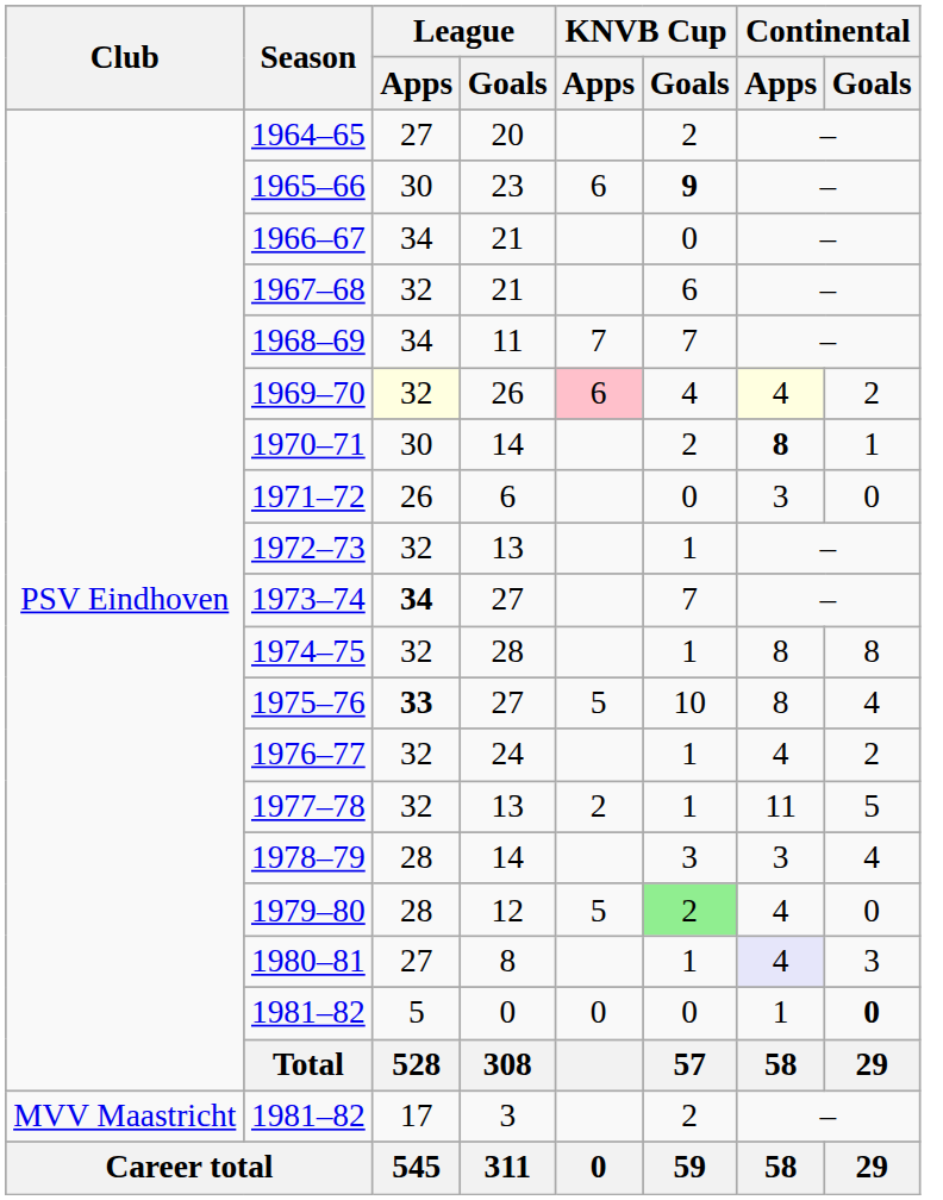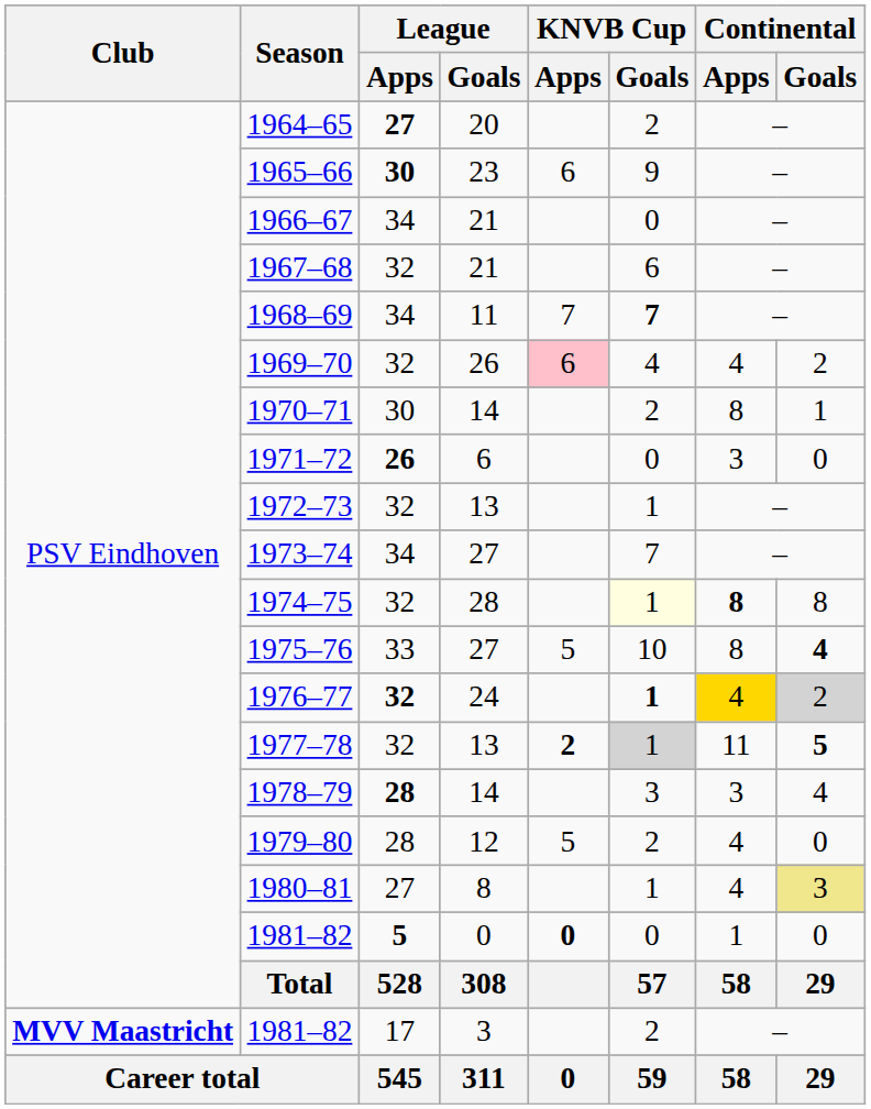 <table class="wikitable" style="text-align:center">
 <tr>
 <th rowspan=2>Club</th>
 <th rowspan=2>Season</th>
 <th colspan=2>League</th>
 <th colspan=2>KNVB Cup</th>
 <th colspan=2>Continental</th>
 </tr>
 <tr>
 <th>Apps</th>
 <th>Goals</th>
 <th>Apps</th>
 <th>Goals</th>
 <th>Apps</th>
 <th>Goals</th>
 </tr>
 <tr>
 <td rowspan="19"><a href='#'>PSV Eindhoven</a></td>
 <td><a href='#'>1964–65</a></td>
-<td>27</td>
+<td><strong>27</strong></td>
 <td>20</td>
 <td></td>
 <td>2</td>
 <td colspan=2>–</td>
 </tr>
 <tr>
 <td><a href='#'>1965–66</a></td>
-<td>30</td>
+<td><strong>30</strong></td>
 <td>23</td>
 <td>6</td>
-<td><strong>9</strong></td>
+<td>9</td>
 <td colspan=2>–</td>
 </tr>
 <tr>
 <td><a href='#'>1966–67</a></td>
 <td>34</td>
 <td>21</td>
 <td></td>
 <td>0</td>
 <td colspan=2>–</td>
 </tr>
 <tr>
 <td><a href='#'>1967–68</a></td>
 <td>32</td>
 <td>21</td>
 <td></td>
 <td>6</td>
 <td colspan=2>–</td>
 </tr>
 <tr>
 <td><a href='#'>1968–69</a></td>
 <td>34</td>
 <td>11</td>
 <td>7</td>
-<td>7</td>
+<td><strong>7</strong></td>
 <td colspan=2>–</td>
 </tr>
 <tr>
 <td><a href='#'>1969–70</a></td>
-<td style="background: lightyellow;">32</td>
+<td>32</td>
 <td>26</td>
 <td style="background: pink;">6</td>
 <td>4</td>
-<td style="background: lightyellow;">4</td>
+<td>4</td>
 <td>2</td>
 </tr>
 <tr>
 <td><a href='#'>1970–71</a></td>
 <td>30</td>
 <td>14</td>
 <td></td>
 <td>2</td>
-<td><strong>8</strong></td>
+<td>8</td>
 <td>1</td>
 </tr>
 <tr>
 <td><a href='#'>1971–72</a></td>
-<td>26</td>
+<td><strong>26</strong></td>
 <td>6</td>
 <td></td>
 <td>0</td>
 <td>3</td>
 <td>0</td>
 </tr>
 <tr>
 <td><a href='#'>1972–73</a></td>
 <td>32</td>
 <td>13</td>
 <td></td>
 <td>1</td>
 <td colspan=2>–</td>
 </tr>
 <tr>
 <td><a href='#'>1973–74</a></td>
-<td><strong>34</strong></td>
+<td>34</td>
 <td>27</td>
 <td></td>
 <td>7</td>
 <td colspan=2>–</td>
 </tr>
 <tr>
 <td><a href='#'>1974–75</a></td>
 <td>32</td>
 <td>28</td>
 <td></td>
-<td>1</td>
-<td>8</td>
+<td style="background: lightyellow;">1</td>
+<td><strong>8</strong></td>
 <td>8</td>
 </tr>
 <tr>
 <td><a href='#'>1975–76</a></td>
-<td><strong>33</strong></td>
+<td>33</td>
 <td>27</td>
 <td>5</td>
 <td>10</td>
 <td>8</td>
-<td>4</td>
+<td><strong>4</strong></td>
 </tr>
 <tr>
 <td><a href='#'>1976–77</a></td>
-<td>32</td>
+<td><strong>32</strong></td>
 <td>24</td>
 <td></td>
-<td>1</td>
-<td>4</td>
-<td>2</td>
+<td><strong>1</strong></td>
+<td style="background: gold;">4</td>
+<td style="background: lightgrey;">2</td>
 </tr>
 <tr>
 <td><a href='#'>1977–78</a></td>
 <td>32</td>
 <td>13</td>
-<td>2</td>
-<td>1</td>
+<td><strong>2</strong></td>
+<td style="background: lightgrey;">1</td>
 <td>11</td>
-<td>5</td>
+<td><strong>5</strong></td>
 </tr>
 <tr>
 <td><a href='#'>1978–79</a></td>
-<td>28</td>
+<td><strong>28</strong></td>
 <td>14</td>
 <td></td>
 <td>3</td>
 <td>3</td>
 <td>4</td>
 </tr>
 <tr>
 <td><a href='#'>1979–80</a></td>
 <td>28</td>
 <td>12</td>
 <td>5</td>
-<td style="background: lightgreen;">2</td>
+<td>2</td>
 <td>4</td>
 <td>0</td>
 </tr>
 <tr>
 <td><a href='#'>1980–81</a></td>
 <td>27</td>
 <td>8</td>
 <td></td>
 <td>1</td>
-<td style="background: lavender;">4</td>
-<td>3</td>
+<td>4</td>
+<td style="background: khaki;">3</td>
 </tr>
 <tr>
 <td><a href='#'>1981–82</a></td>
-<td>5</td>
+<td><strong>5</strong></td>
 <td>0</td>
-<td>0</td>
+<td><strong>0</strong></td>
 <td>0</td>
 <td>1</td>
-<td><strong>0</strong></td>
+<td>0</td>
 </tr>
 <tr>
 <th>Total</th>
 <th>528</th>
 <th>308</th>
 <th></th>
 <th>57</th>
 <th>58</th>
 <th>29</th>
 </tr>
 <tr>
-<td><a href='#'>MVV Maastricht</a></td>
+<td><strong><a href='#'>MVV Maastricht</a></strong></td>
 <td><a href='#'>1981–82</a></td>
 <td>17</td>
 <td>3</td>
 <td></td>
 <td>2</td>
 <td colspan=2>–</td>
 </tr>
 <tr>
 <th colspan="2">Career total</th>
 <th>545</th>
 <th>311</th>
 <th>0</th>
 <th>59</th>
 <th>58</th>
 <th>29</th>
 </tr>
 </table>
